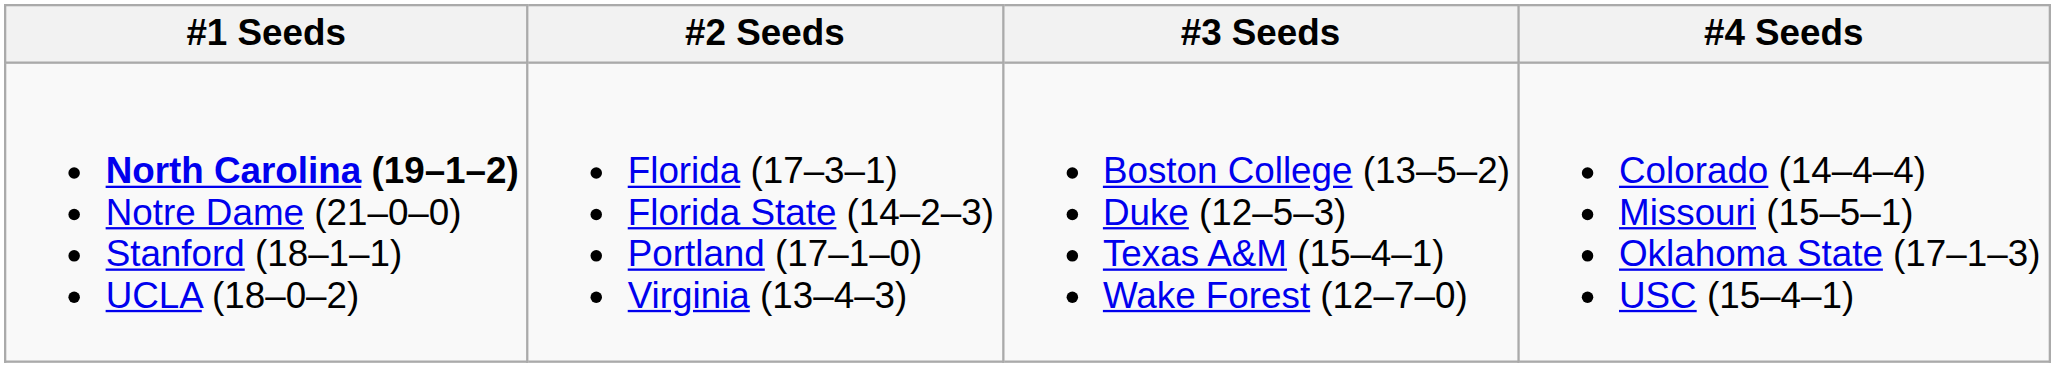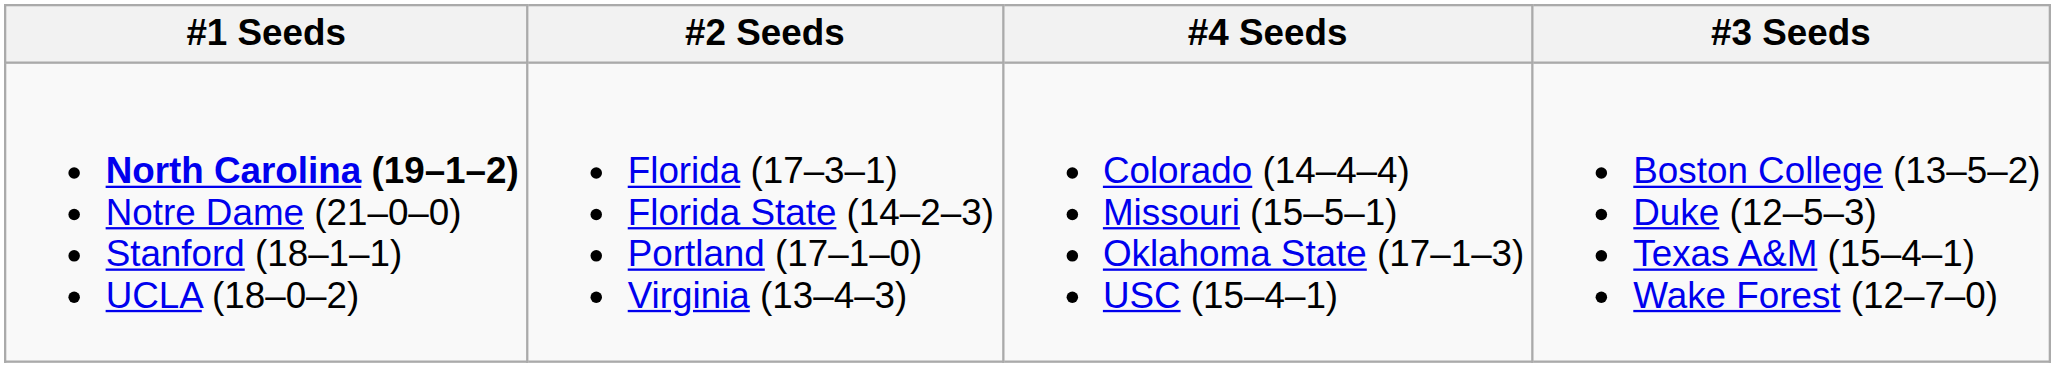 <table class="wikitable">
 <tr>
 <th>#1 Seeds</th>
 <th>#2 Seeds</th>
+<th>#4 Seeds</th>
 <th>#3 Seeds</th>
-<th>#4 Seeds</th>
 </tr>
 <tr>
 <td><br><ul><li><strong><a href='#'>North Carolina</a> (19–1–2)</strong></li><li><a href='#'>Notre Dame</a> (21–0–0)</li><li><a href='#'>Stanford</a> (18–1–1)</li><li><a href='#'>UCLA</a> (18–0–2)</li></ul></td>
 <td><br><ul><li><a href='#'>Florida</a> (17–3–1)</li><li><a href='#'>Florida State</a> (14–2–3)</li><li><a href='#'>Portland</a> (17–1–0)</li><li><a href='#'>Virginia</a> (13–4–3)</li></ul></td>
+<td><br><ul><li><a href='#'>Colorado</a> (14–4–4)</li><li><a href='#'>Missouri</a> (15–5–1)</li><li><a href='#'>Oklahoma State</a> (17–1–3)</li><li><a href='#'>USC</a> (15–4–1)</li></ul></td>
 <td><br><ul><li><a href='#'>Boston College</a> (13–5–2)</li><li><a href='#'>Duke</a> (12–5–3)</li><li><a href='#'>Texas A&M</a> (15–4–1)</li><li><a href='#'>Wake Forest</a> (12–7–0)</li></ul></td>
-<td><br><ul><li><a href='#'>Colorado</a> (14–4–4)</li><li><a href='#'>Missouri</a> (15–5–1)</li><li><a href='#'>Oklahoma State</a> (17–1–3)</li><li><a href='#'>USC</a> (15–4–1)</li></ul></td>
 </tr>
 </table>
